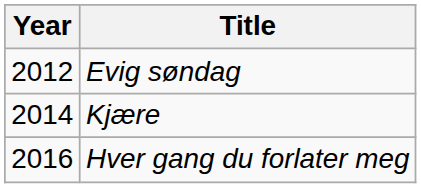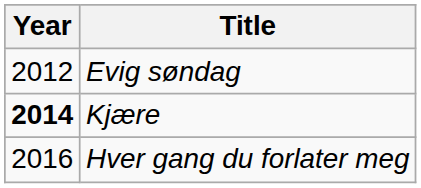 <table class="wikitable">
 <tr>
 <th>Year</th>
 <th>Title</th>
 </tr>
 <tr>
 <td>2012</td>
 <td><em>Evig søndag</em></td>
 </tr>
 <tr>
-<td>2014</td>
+<td><strong>2014</strong></td>
 <td><em>Kjære</em></td>
 </tr>
 <tr>
 <td>2016</td>
 <td><em>Hver gang du forlater meg</em></td>
 </tr>
 </table>
